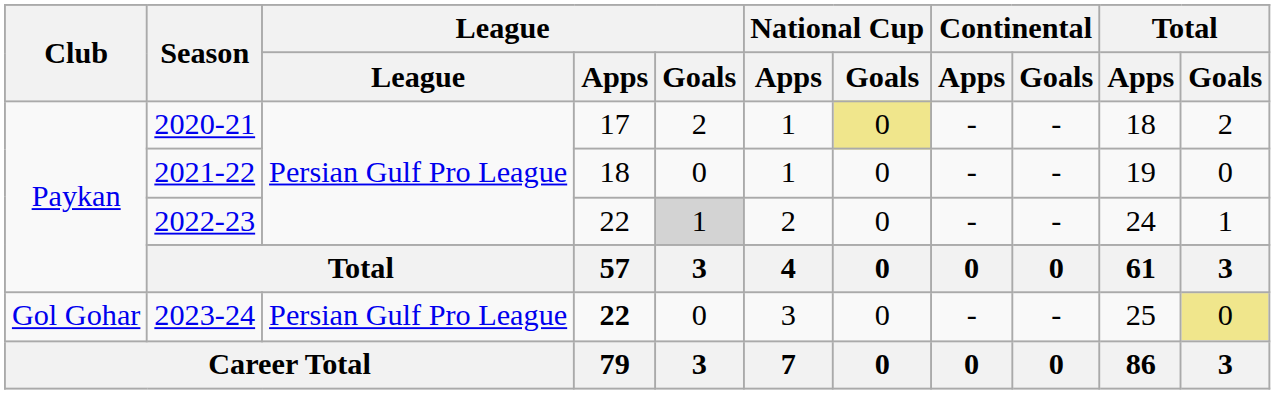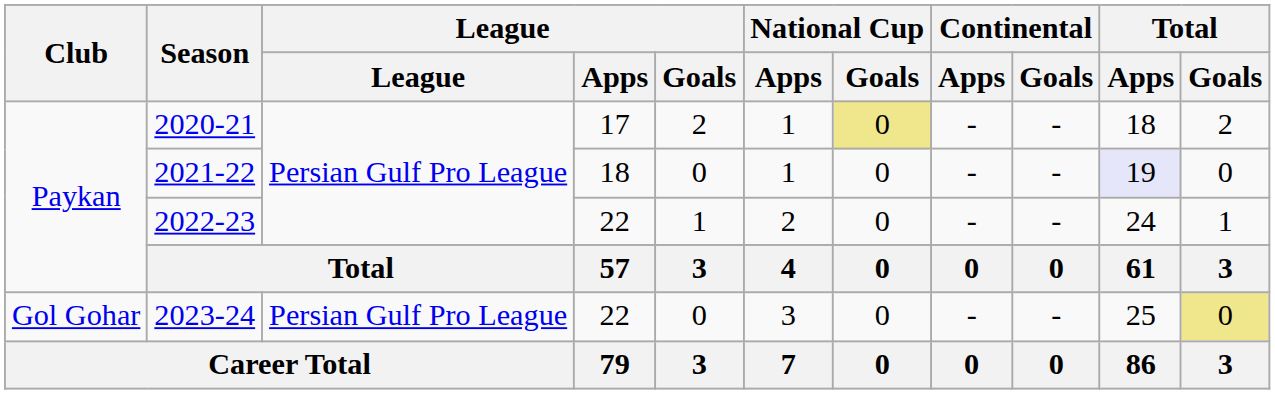 <table class="wikitable" style="text-align: center;">
 <tr>
 <th rowspan=2>Club</th>
 <th rowspan=2>Season</th>
 <th colspan=3>League</th>
 <th colspan=2>National Cup</th>
 <th colspan=2>Continental</th>
 <th colspan=2>Total</th>
 </tr>
 <tr>
 <th>League</th>
 <th>Apps</th>
 <th>Goals</th>
 <th>Apps</th>
 <th>Goals</th>
 <th>Apps</th>
 <th>Goals</th>
 <th>Apps</th>
 <th>Goals</th>
 </tr>
 <tr>
 <td rowspan="4"><a href='#'>Paykan</a></td>
 <td><a href='#'>2020-21</a></td>
 <td rowspan="3"><a href='#'>Persian Gulf Pro League</a></td>
 <td>17</td>
 <td>2</td>
 <td>1</td>
 <td style="background: khaki;">0</td>
 <td>-</td>
 <td>-</td>
 <td>18</td>
 <td>2</td>
 </tr>
 <tr>
 <td><a href='#'>2021-22</a></td>
 <td>18</td>
 <td>0</td>
 <td>1</td>
 <td>0</td>
 <td>-</td>
 <td>-</td>
-<td>19</td>
+<td style="background: lavender;">19</td>
 <td>0</td>
 </tr>
 <tr>
 <td><a href='#'>2022-23</a></td>
 <td>22</td>
-<td style="background: lightgrey;">1</td>
+<td>1</td>
 <td>2</td>
 <td>0</td>
 <td>-</td>
 <td>-</td>
 <td>24</td>
 <td>1</td>
 </tr>
 <tr>
 <th colspan=2>Total</th>
 <th>57</th>
 <th>3</th>
 <th>4</th>
 <th>0</th>
 <th>0</th>
 <th>0</th>
 <th>61</th>
 <th>3</th>
 </tr>
 <tr>
 <td><a href='#'>Gol Gohar</a></td>
 <td><a href='#'>2023-24</a></td>
 <td><a href='#'>Persian Gulf Pro League</a></td>
-<td><strong>22</strong></td>
+<td>22</td>
 <td>0</td>
 <td>3</td>
 <td>0</td>
 <td>-</td>
 <td>-</td>
 <td>25</td>
 <td style="background: khaki;">0</td>
 </tr>
 <tr>
 <th colspan=3>Career Total</th>
 <th>79</th>
 <th>3</th>
 <th>7</th>
 <th>0</th>
 <th>0</th>
 <th>0</th>
 <th>86</th>
 <th>3</th>
 </tr>
 </table>
